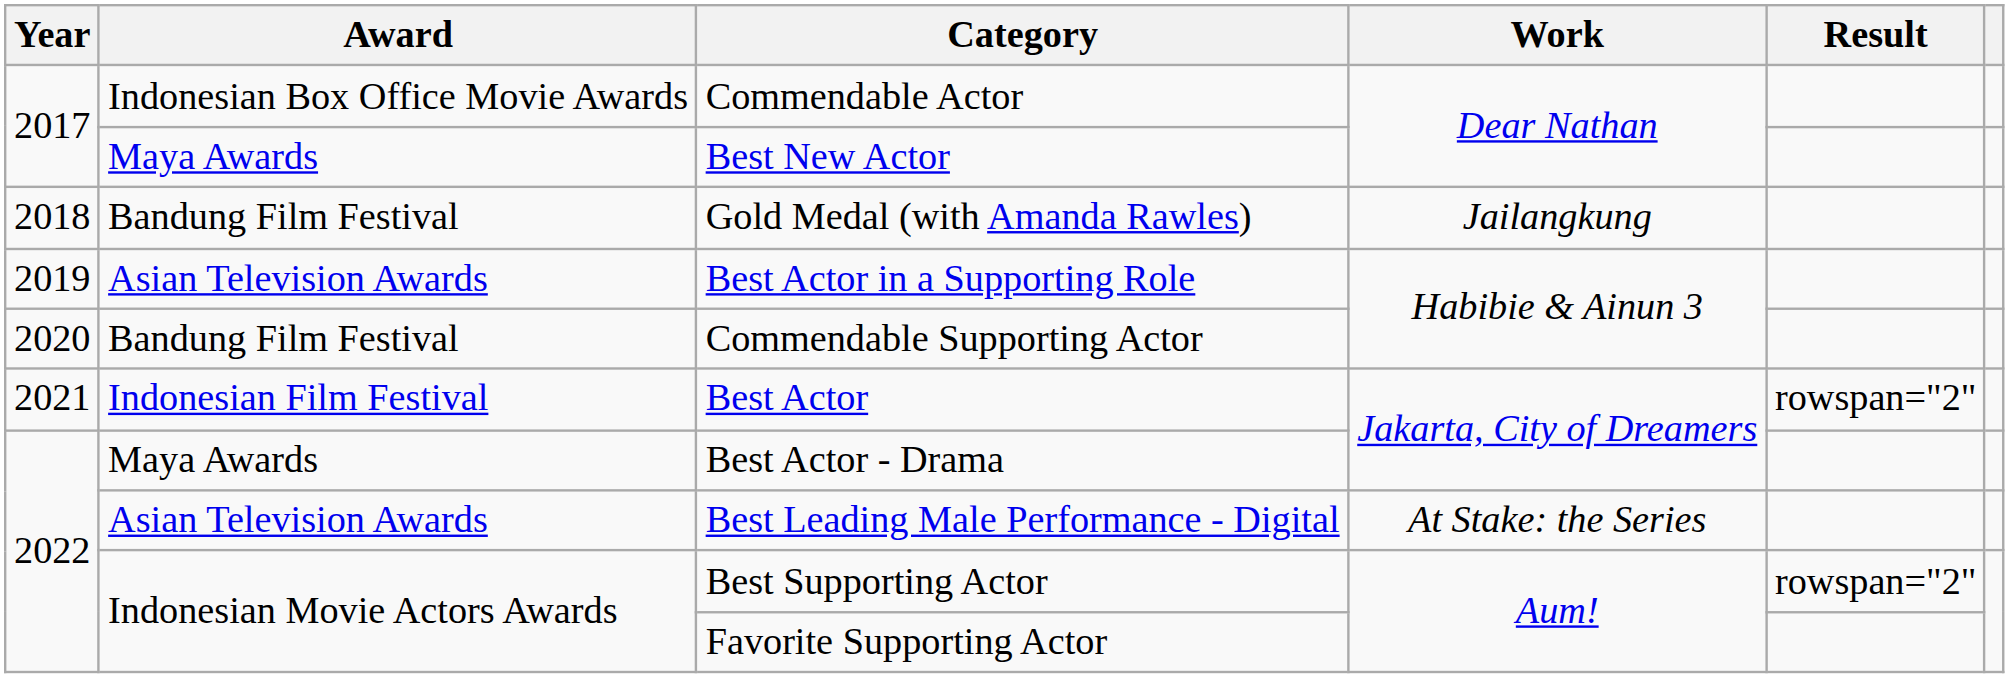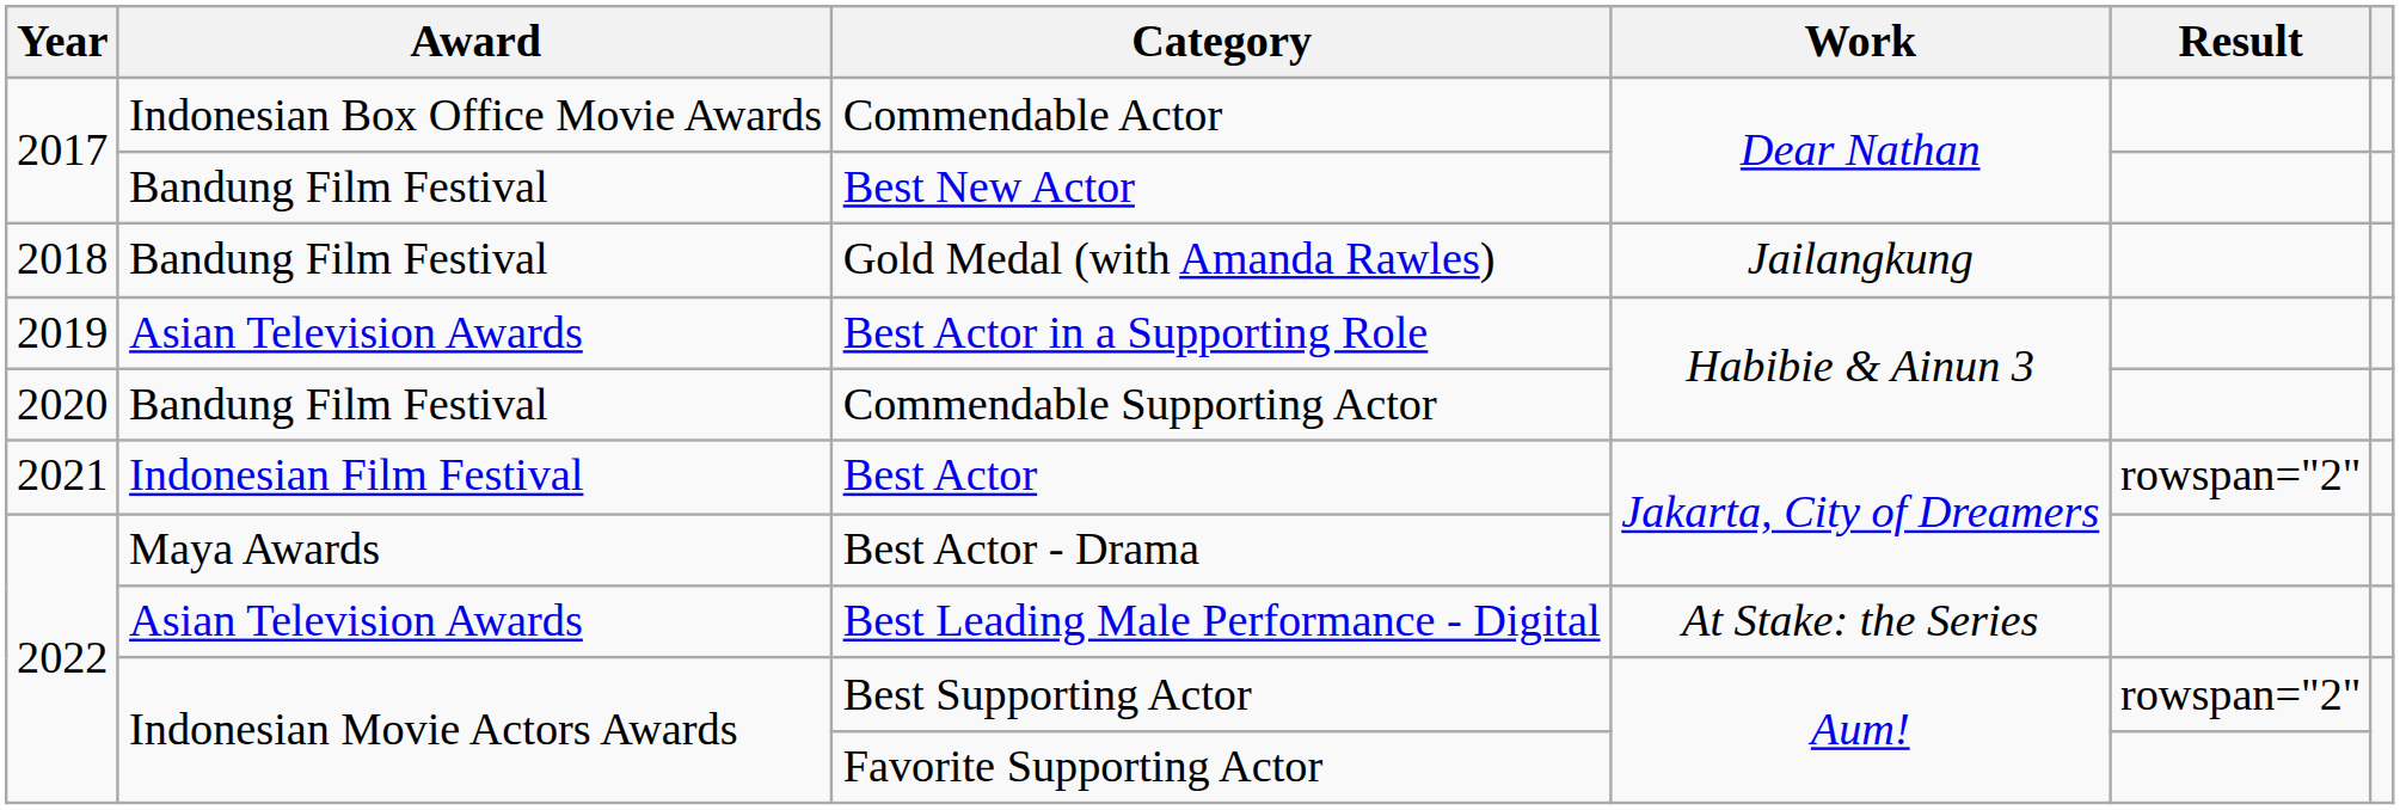 <table class="wikitable sortable">
 <tr>
 <th>Year</th>
 <th>Award</th>
 <th>Category</th>
 <th>Work</th>
 <th>Result</th>
 <th class="unsortable"></th>
 </tr>
 <tr>
 <td rowspan="2">2017</td>
 <td>Indonesian Box Office Movie Awards</td>
 <td>Commendable Actor</td>
 <td rowspan="2" align="center"><em><a href='#'>Dear Nathan</a></em></td>
 <td></td>
 <td align="center"></td>
 </tr>
 <tr>
-<td><a href='#'>Maya Awards</a></td>
+<td>Bandung Film Festival</td>
 <td><a href='#'>Best New Actor</a></td>
 <td></td>
 <td align="center"></td>
 </tr>
 <tr>
 <td>2018</td>
 <td>Bandung Film Festival</td>
 <td>Gold Medal (with <a href='#'>Amanda Rawles</a>)</td>
 <td align="center"><em>Jailangkung</em></td>
 <td></td>
 <td></td>
 </tr>
 <tr>
 <td>2019</td>
 <td><a href='#'>Asian Television Awards</a></td>
 <td><a href='#'>Best Actor in a Supporting Role</a></td>
 <td rowspan="2" align="center"><em>Habibie & Ainun 3</em></td>
 <td></td>
 <td align="center"></td>
 </tr>
 <tr>
 <td>2020</td>
 <td>Bandung Film Festival</td>
 <td>Commendable Supporting Actor</td>
 <td></td>
 <td align="center"></td>
 </tr>
 <tr>
 <td>2021</td>
 <td><a href='#'>Indonesian Film Festival</a></td>
 <td><a href='#'>Best Actor</a></td>
 <td rowspan="2" align="center"><em><a href='#'>Jakarta, City of Dreamers</a></em></td>
 <td>rowspan="2" </td>
 <td align="center"></td>
 </tr>
 <tr>
 <td rowspan="4">2022</td>
 <td>Maya Awards</td>
 <td>Best Actor - Drama</td>
 <td align="center"></td>
 </tr>
 <tr>
 <td><a href='#'>Asian Television Awards</a></td>
 <td><a href='#'>Best Leading Male Performance -  Digital</a></td>
 <td align="center"><em>At Stake: the Series</em></td>
 <td></td>
 <td align="center"></td>
 </tr>
 <tr>
 <td rowspan="2">Indonesian Movie Actors Awards</td>
 <td>Best Supporting Actor</td>
 <td rowspan="2" align="center"><em><a href='#'>Aum!</a></em></td>
 <td>rowspan="2" </td>
 <td rowspan="2" align="center"></td>
 </tr>
 <tr>
 <td>Favorite Supporting Actor</td>
 </tr>
 </table>
